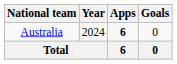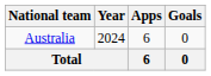 <table class="wikitable" style="text-align:center">
 <tr>
 <th>National team</th>
 <th>Year</th>
 <th>Apps</th>
 <th>Goals</th>
 </tr>
 <tr>
 <td><a href='#'>Australia</a></td>
 <td>2024</td>
-<td><strong>6</strong></td>
+<td>6</td>
 <td>0</td>
 </tr>
 <tr>
 <th colspan="2">Total</th>
 <th>6</th>
 <th>0</th>
 </tr>
 </table>
